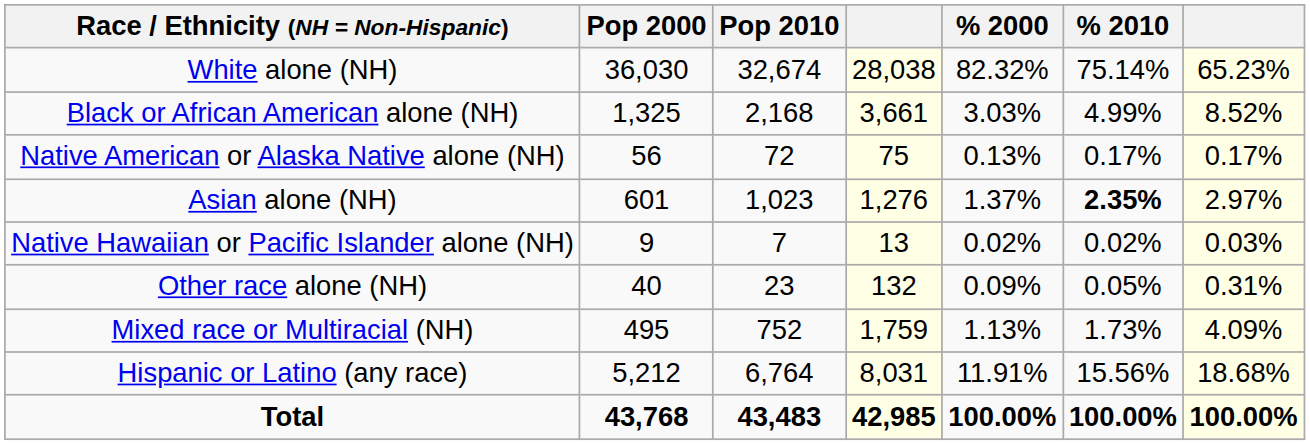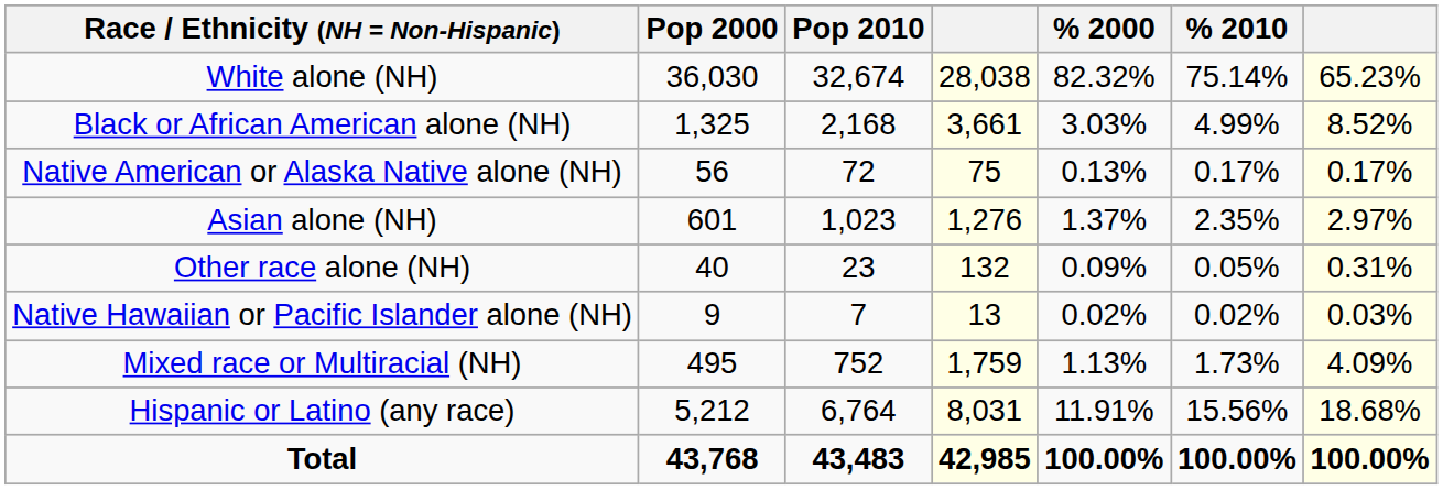 <table class="wikitable" style="text-align:center;">
 <tr>
 <th>Race / Ethnicity <small>(<em>NH = Non-Hispanic</em>)</small></th>
 <th>Pop 2000</th>
 <th>Pop 2010</th>
 <th></th>
 <th>% 2000</th>
 <th>% 2010</th>
 <th></th>
 </tr>
 <tr>
 <td><a href='#'>White</a> alone (NH)</td>
 <td>36,030</td>
 <td>32,674</td>
 <td style='background: #ffffe6;'>28,038</td>
 <td>82.32%</td>
 <td>75.14%</td>
 <td style='background: #ffffe6;'>65.23%</td>
 </tr>
 <tr>
 <td><a href='#'>Black or African American</a> alone (NH)</td>
 <td>1,325</td>
 <td>2,168</td>
 <td style='background: #ffffe6;'>3,661</td>
 <td>3.03%</td>
 <td>4.99%</td>
 <td style='background: #ffffe6;'>8.52%</td>
 </tr>
 <tr>
 <td><a href='#'>Native American</a> or <a href='#'>Alaska Native</a> alone (NH)</td>
 <td>56</td>
 <td>72</td>
 <td style='background: #ffffe6;'>75</td>
 <td>0.13%</td>
 <td>0.17%</td>
 <td style='background: #ffffe6;'>0.17%</td>
 </tr>
 <tr>
 <td><a href='#'>Asian</a> alone (NH)</td>
 <td>601</td>
 <td>1,023</td>
 <td style='background: #ffffe6;'>1,276</td>
 <td>1.37%</td>
-<td><strong>2.35%</strong></td>
+<td>2.35%</td>
 <td style='background: #ffffe6;'>2.97%</td>
+</tr>
+<tr>
+<td><a href='#'>Other race</a> alone (NH)</td>
+<td>40</td>
+<td>23</td>
+<td style='background: #ffffe6;'>132</td>
+<td>0.09%</td>
+<td>0.05%</td>
+<td style='background: #ffffe6;'>0.31%</td>
 </tr>
 <tr>
 <td><a href='#'>Native Hawaiian</a> or <a href='#'>Pacific Islander</a> alone (NH)</td>
 <td>9</td>
 <td>7</td>
 <td style='background: #ffffe6;'>13</td>
 <td>0.02%</td>
 <td>0.02%</td>
 <td style='background: #ffffe6;'>0.03%</td>
-</tr>
-<tr>
-<td><a href='#'>Other race</a> alone (NH)</td>
-<td>40</td>
-<td>23</td>
-<td style='background: #ffffe6;'>132</td>
-<td>0.09%</td>
-<td>0.05%</td>
-<td style='background: #ffffe6;'>0.31%</td>
 </tr>
 <tr>
 <td><a href='#'>Mixed race or Multiracial</a> (NH)</td>
 <td>495</td>
 <td>752</td>
 <td style='background: #ffffe6;'>1,759</td>
 <td>1.13%</td>
 <td>1.73%</td>
 <td style='background: #ffffe6;'>4.09%</td>
 </tr>
 <tr>
 <td><a href='#'>Hispanic or Latino</a> (any race)</td>
 <td>5,212</td>
 <td>6,764</td>
 <td style='background: #ffffe6;'>8,031</td>
 <td>11.91%</td>
 <td>15.56%</td>
 <td style='background: #ffffe6;'>18.68%</td>
 </tr>
 <tr>
 <td><strong>Total</strong></td>
 <td><strong>43,768</strong></td>
 <td><strong>43,483</strong></td>
 <td style='background: #ffffe6;'><strong>42,985</strong></td>
 <td><strong>100.00%</strong></td>
 <td><strong>100.00%</strong></td>
 <td style='background: #ffffe6;'><strong>100.00%</strong></td>
 </tr>
 </table>
